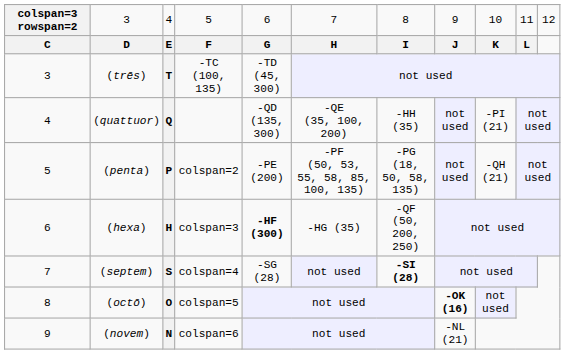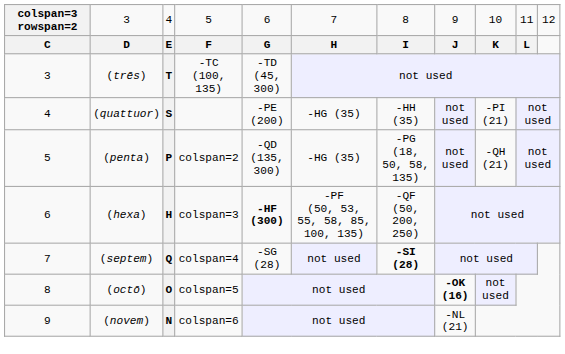 <table class="wikitable floatright" style="font-size:80%;text-align:center;width:50em;">
 <tr>
 <th>colspan=3 rowspan=2 </th>
 <td>3</td>
 <td>4</td>
 <td>5</td>
 <td>6</td>
 <td>7</td>
 <td>8</td>
 <td>9</td>
 <td>10</td>
 <td>11</td>
 <td>12</td>
 </tr>
 <tr>
 <th>C</th>
 <th>D</th>
 <th>E</th>
 <th>F</th>
 <th>G</th>
 <th>H</th>
 <th>I</th>
 <th>J</th>
 <th>K</th>
 <th>L</th>
 </tr>
 <tr>
 <td>3</td>
 <td>(<em>trēs</em>)</td>
 <th>T</th>
 <td>-TC<br>(100, 135)</td>
 <td>-TD<br>(45, 300)</td>
 <td colspan=8 style="background:#eef;">not used</td>
 </tr>
 <tr>
 <td>4</td>
 <td>(<em>quattuor</em>)</td>
-<th>Q</th>
+<th>S</th>
 <td></td>
-<td>-QD<br>(135, 300)</td>
-<td>-QE<br>(35, 100, 200)</td>
+<td>-PE<br>(200)</td>
+<td>-HG (35)</td>
 <td>-HH (35)</td>
 <td style="background:#eef;">not used</td>
 <td>-PI<br>(21)</td>
 <td colspan=4 style="background:#eef;">not used</td>
 </tr>
 <tr>
 <td>5</td>
 <td>(<em>penta</em>)</td>
 <th>P</th>
 <td>colspan=2 </td>
-<td>-PE<br>(200)</td>
-<td>-PF<br>(50, 53, 55, 58, 85, 100, 135)</td>
+<td>-QD<br>(135, 300)</td>
+<td>-HG (35)</td>
 <td>-PG<br>(18, 50, 58, 135)</td>
 <td style="background:#eef;">not used</td>
 <td>-QH<br>(21)</td>
 <td colspan=3 style="background:#eef;">not used</td>
 </tr>
 <tr>
 <td>6</td>
 <td>(<em>hexa</em>)</td>
 <th>H</th>
 <td>colspan=3 </td>
 <td><strong>-HF (300)</strong></td>
-<td>-HG (35)</td>
+<td>-PF<br>(50, 53, 55, 58, 85, 100, 135)</td>
 <td>-QF<br>(50, 200, 250)</td>
 <td colspan=4 style="background:#eef;">not used</td>
 </tr>
 <tr>
 <td>7</td>
 <td>(<em>septem</em>)</td>
-<th>S</th>
+<th>Q</th>
 <td>colspan=4 </td>
 <td>-SG (28)</td>
 <td style="background:#eef;">not used</td>
 <td><strong>-SI (28)</strong></td>
 <td colspan=3 style="background:#eef;">not used</td>
 </tr>
 <tr>
 <td>8</td>
 <td>(<em>octō</em>)</td>
 <th>O</th>
 <td>colspan=5 </td>
 <td colspan=3 style="background:#eef;">not used</td>
 <td><strong>-OK (16)</strong></td>
 <td style="background:#eef;">not used</td>
 </tr>
 <tr>
 <td>9</td>
 <td>(<em>novem</em>)</td>
 <th>N</th>
 <td>colspan=6 </td>
 <td colspan=3 style="background:#eef;">not used</td>
 <td>-NL (21)</td>
 </tr>
 </table>
